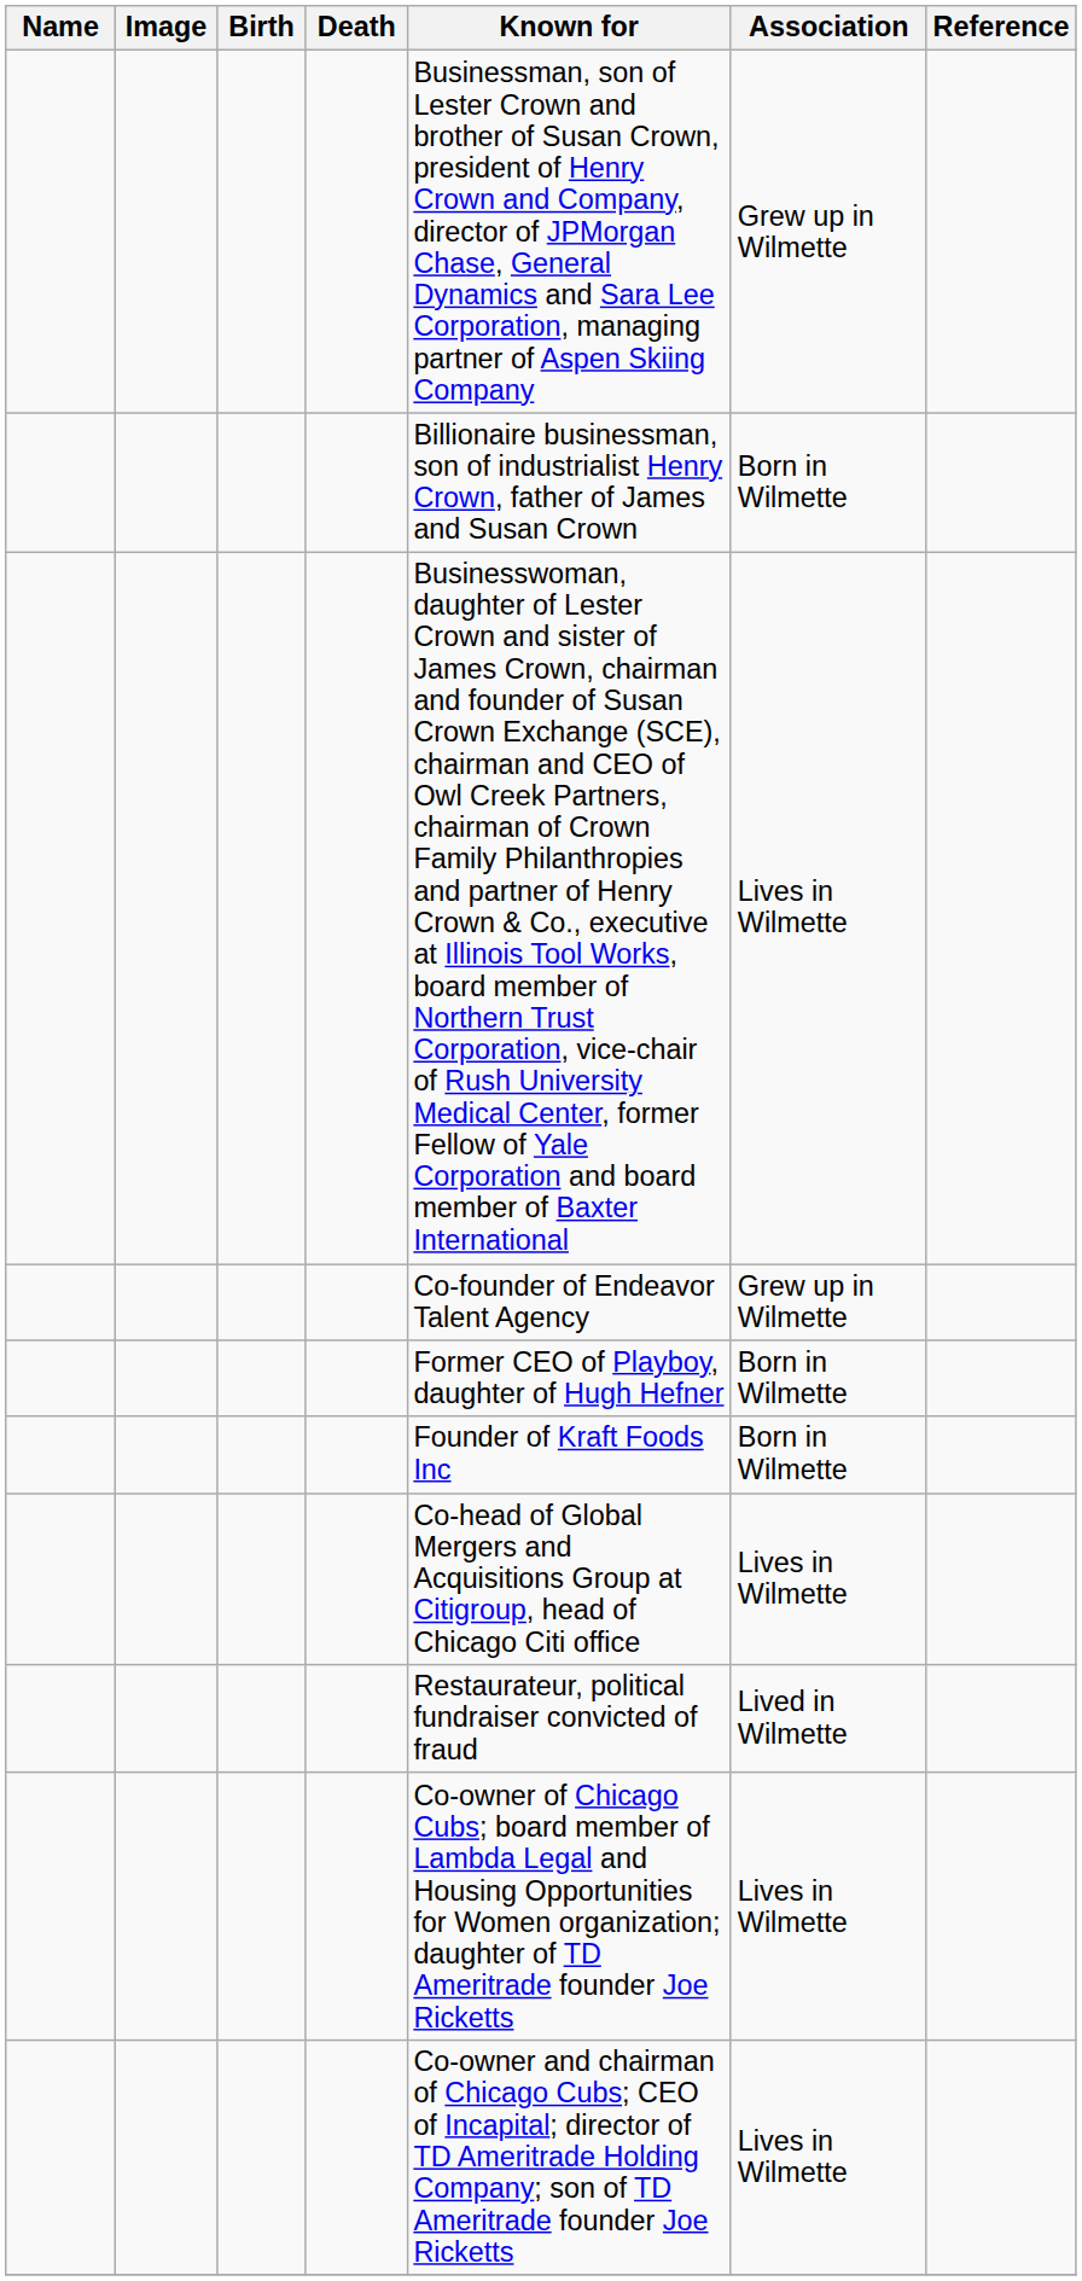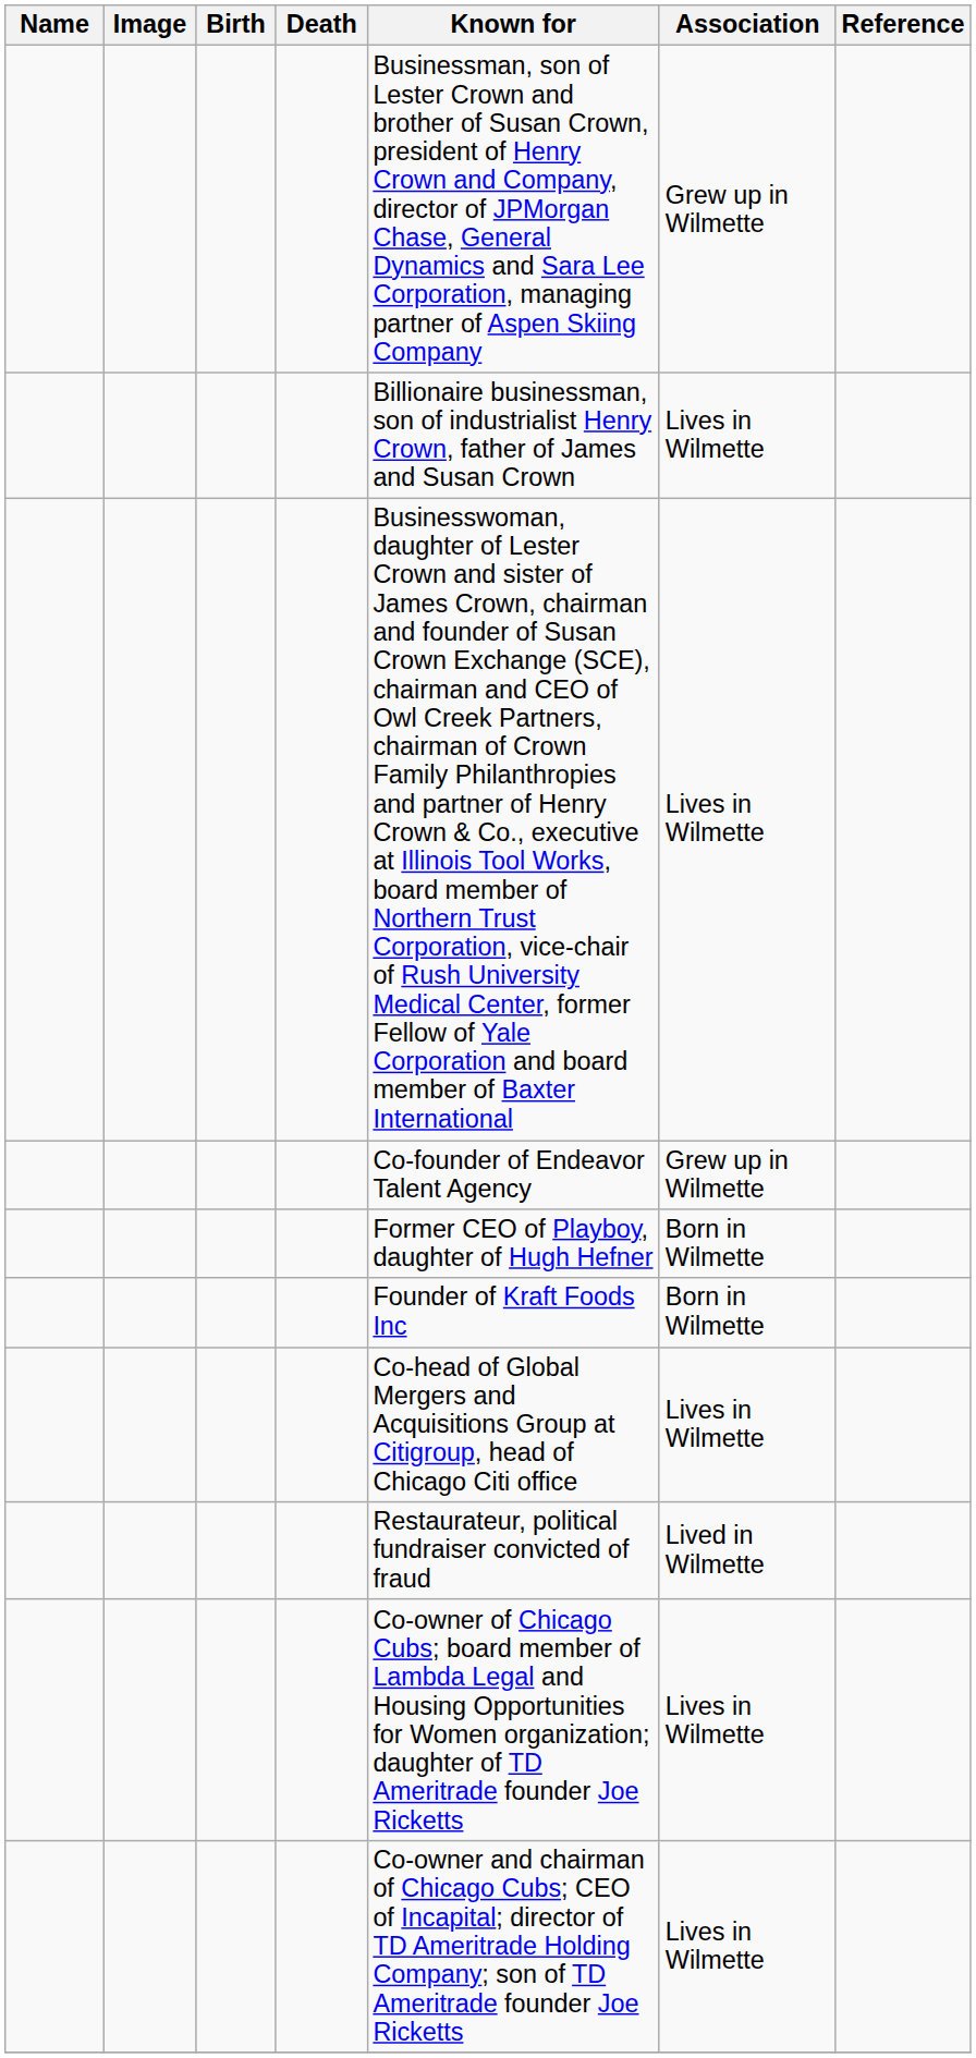 <table class="wikitable sortable">
 <tr>
 <th scope="col" width="140">Name</th>
 <th scope="col" width="80" class="unsortable">Image</th>
 <th scope="col" width="90">Birth</th>
 <th scope="col" width="90">Death</th>
 <th scope="col" width="600" class="unsortable">Known for</th>
 <th scope="col" width="200" class="unsortable">Association</th>
 <th scope="col" width="30" class="unsortable">Reference</th>
 </tr>
 <tr>
 <td></td>
 <td></td>
 <td align=right></td>
 <td></td>
 <td>Businessman, son of Lester Crown and brother of Susan Crown, president of <a href='#'>Henry Crown and Company</a>, director of <a href='#'>JPMorgan Chase</a>, <a href='#'>General Dynamics</a> and <a href='#'>Sara Lee Corporation</a>, managing partner of <a href='#'>Aspen Skiing Company</a></td>
 <td>Grew up in Wilmette</td>
 <td align="center"></td>
 </tr>
 <tr>
 <td></td>
 <td></td>
 <td align=right></td>
 <td></td>
 <td>Billionaire businessman, son of industrialist <a href='#'>Henry Crown</a>, father of James and Susan Crown</td>
-<td>Born in Wilmette</td>
+<td>Lives in Wilmette</td>
 <td align="center"></td>
 </tr>
 <tr>
 <td></td>
 <td></td>
 <td align=right></td>
 <td></td>
 <td>Businesswoman, daughter of Lester Crown and sister of James Crown, chairman and founder of Susan Crown Exchange (SCE), chairman and CEO of Owl Creek Partners, chairman of Crown Family Philanthropies and partner of Henry Crown & Co., executive at <a href='#'>Illinois Tool Works</a>, board member of <a href='#'>Northern Trust Corporation</a>, vice-chair of <a href='#'>Rush University Medical Center</a>, former Fellow of <a href='#'>Yale Corporation</a> and board member of <a href='#'>Baxter International</a></td>
 <td>Lives in Wilmette</td>
 <td align="center"></td>
 </tr>
 <tr>
 <td></td>
 <td></td>
 <td align=right></td>
 <td></td>
 <td>Co-founder of Endeavor Talent Agency</td>
 <td>Grew up in Wilmette</td>
 <td align="center"></td>
 </tr>
 <tr>
 <td></td>
 <td></td>
 <td align=right></td>
 <td></td>
 <td>Former CEO of <a href='#'>Playboy</a>, daughter of <a href='#'>Hugh Hefner</a></td>
 <td>Born in Wilmette</td>
 <td align="center"></td>
 </tr>
 <tr>
 <td></td>
 <td></td>
 <td align=right></td>
 <td align=right></td>
 <td>Founder of <a href='#'>Kraft Foods Inc</a></td>
 <td>Born in Wilmette</td>
 <td align=center></td>
 </tr>
 <tr>
 <td></td>
 <td></td>
 <td align=right></td>
 <td></td>
 <td>Co-head of Global Mergers and Acquisitions Group at <a href='#'>Citigroup</a>, head of Chicago Citi office</td>
 <td>Lives in Wilmette</td>
 <td align=center></td>
 </tr>
 <tr>
 <td></td>
 <td></td>
 <td align=right></td>
 <td></td>
 <td>Restaurateur, political fundraiser convicted of fraud</td>
 <td>Lived in Wilmette</td>
 <td align="center"></td>
 </tr>
 <tr>
 <td></td>
 <td></td>
 <td align=right></td>
 <td></td>
 <td>Co-owner of <a href='#'>Chicago Cubs</a>; board member of <a href='#'>Lambda Legal</a> and Housing Opportunities for Women organization; daughter of <a href='#'>TD Ameritrade</a> founder <a href='#'>Joe Ricketts</a></td>
 <td>Lives in Wilmette</td>
 <td align="center"></td>
 </tr>
 <tr>
 <td></td>
 <td></td>
 <td align=right></td>
 <td></td>
 <td>Co-owner and chairman of <a href='#'>Chicago Cubs</a>; CEO of <a href='#'>Incapital</a>; director of <a href='#'>TD Ameritrade Holding Company</a>; son of <a href='#'>TD Ameritrade</a> founder <a href='#'>Joe Ricketts</a></td>
 <td>Lives in Wilmette</td>
 <td align="center"></td>
 </tr>
 <tr>
 </tr>
 </table>
